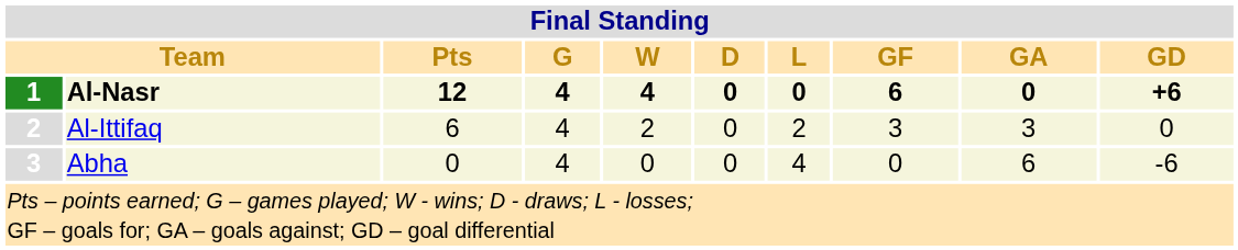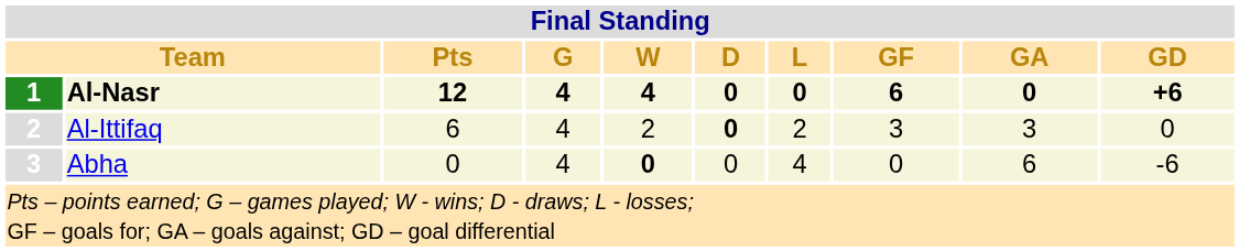 <table width=60%>
 <tr>
 <th colspan="10" bgcolor=#DCDCDC style="color:#00008B;">Final Standing</th>
 </tr>
 <tr>
 <th colspan="2" bgcolor=#ffe5b4 style="color:#B8860B;">Team</th>
 <th bgcolor=#ffe5b4 align="center" style="color:#B8860B;">Pts</th>
 <th bgcolor=#ffe5b4 align="center" style="color:#B8860B;">G</th>
 <th bgcolor=#ffe5b4 align="center" style="color:#B8860B;">W</th>
 <th bgcolor=#ffe5b4 align="center" style="color:#B8860B;">D</th>
 <th bgcolor=#ffe5b4 align="center" style="color:#B8860B;">L</th>
 <th bgcolor=#ffe5b4 align="center" style="color:#B8860B;">GF</th>
 <th bgcolor=#ffe5b4 align="center" style="color:#B8860B;">GA</th>
 <th bgcolor=#ffe5b4 align="center" style="color:#B8860B;">GD</th>
 </tr>
 <tr>
 <th bgcolor=#228B22 align="center" style="color:white;">1</th>
 <td bgcolor=#f5f5dc><strong>Al-Nasr</strong></td>
 <td bgcolor=#f5f5dc align="center"><strong>12</strong></td>
 <td bgcolor=#f5f5dc align="center"><strong>4</strong></td>
 <td bgcolor=#f5f5dc align="center"><strong>4</strong></td>
 <td bgcolor=#f5f5dc align="center"><strong>0</strong></td>
 <td bgcolor=#f5f5dc align="center"><strong>0</strong></td>
 <td bgcolor=#f5f5dc align="center"><strong>6</strong></td>
 <td bgcolor=#f5f5dc align="center"><strong>0</strong></td>
 <td bgcolor=#f5f5dc align="center"><strong>+6</strong></td>
 </tr>
 <tr>
 <th bgcolor=#DCDCDC align="center" style="color:white;">2</th>
 <td bgcolor=#f5f5dc><a href='#'>Al-Ittifaq</a></td>
 <td bgcolor=#f5f5dc align="center">6</td>
 <td bgcolor=#f5f5dc align="center">4</td>
 <td bgcolor=#f5f5dc align="center">2</td>
-<td bgcolor=#f5f5dc align="center">0</td>
+<td bgcolor=#f5f5dc align="center"><strong>0</strong></td>
 <td bgcolor=#f5f5dc align="center">2</td>
 <td bgcolor=#f5f5dc align="center">3</td>
 <td bgcolor=#f5f5dc align="center">3</td>
 <td bgcolor=#f5f5dc align="center">0</td>
 </tr>
 <tr>
 <th bgcolor=#DCDCDC align="center" style="color:white;">3</th>
 <td bgcolor=#f5f5dc><a href='#'>Abha</a></td>
 <td bgcolor=#f5f5dc align="center">0</td>
 <td bgcolor=#f5f5dc align="center">4</td>
-<td bgcolor=#f5f5dc align="center">0</td>
+<td bgcolor=#f5f5dc align="center"><strong>0</strong></td>
 <td bgcolor=#f5f5dc align="center">0</td>
 <td bgcolor=#f5f5dc align="center">4</td>
 <td bgcolor=#f5f5dc align="center">0</td>
 <td bgcolor=#f5f5dc align="center">6</td>
 <td bgcolor=#f5f5dc align="center">-6</td>
 </tr>
 <tr bgcolor=#ffe5b4>
 <td colspan="10"><small><em>Pts – points earned; G – games played; W - wins; D - draws; L - losses;<br></em>GF – goals for; GA – goals against; GD – goal differential</small></td>
 </tr>
 </table>
